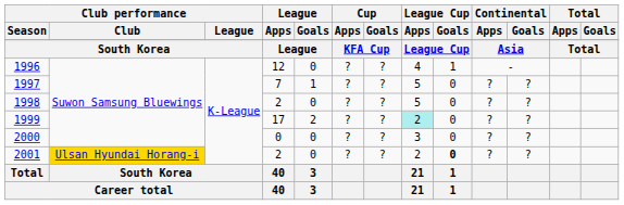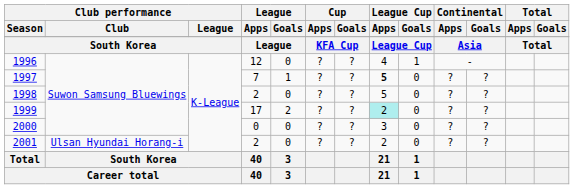 <table class="wikitable" style="text-align:center">
 <tr>
 <th colspan=3>Club performance</th>
 <th colspan=2>League</th>
 <th colspan=2>Cup</th>
 <th colspan=2>League Cup</th>
 <th colspan=2>Continental</th>
 <th colspan=2>Total</th>
 </tr>
 <tr>
 <th>Season</th>
 <th>Club</th>
 <th>League</th>
 <th>Apps</th>
 <th>Goals</th>
 <th>Apps</th>
 <th>Goals</th>
 <th>Apps</th>
 <th>Goals</th>
 <th>Apps</th>
 <th>Goals</th>
 <th>Apps</th>
 <th>Goals</th>
 </tr>
 <tr>
 </tr>
 <tr>
 <th colspan=3>South Korea</th>
 <th colspan=2>League</th>
 <th colspan=2><a href='#'>KFA Cup</a></th>
 <th colspan=2><a href='#'>League Cup</a></th>
 <th colspan=2><a href='#'>Asia</a></th>
 <th colspan=2>Total</th>
 </tr>
 <tr>
 <td><a href='#'>1996</a></td>
 <td rowspan=5><a href='#'>Suwon Samsung Bluewings</a></td>
 <td rowspan=6><a href='#'>K-League</a></td>
 <td>12</td>
 <td>0</td>
 <td>?</td>
 <td>?</td>
 <td>4</td>
 <td>1</td>
 <td colspan=2>-</td>
 <td></td>
 <td></td>
 </tr>
 <tr>
 <td><a href='#'>1997</a></td>
 <td>7</td>
 <td>1</td>
 <td>?</td>
 <td>?</td>
-<td>5</td>
+<td><strong>5</strong></td>
 <td>0</td>
 <td>?</td>
 <td>?</td>
 <td></td>
 <td></td>
 </tr>
 <tr>
 <td><a href='#'>1998</a></td>
 <td>2</td>
 <td>0</td>
 <td>?</td>
 <td>?</td>
 <td>5</td>
 <td>0</td>
 <td>?</td>
 <td>?</td>
 <td></td>
 <td></td>
 </tr>
 <tr>
 <td><a href='#'>1999</a></td>
 <td>17</td>
 <td>2</td>
 <td>?</td>
 <td>?</td>
 <td style="background: paleturquoise;">2</td>
 <td>0</td>
 <td>?</td>
 <td>?</td>
 <td></td>
 <td></td>
 </tr>
 <tr>
 <td><a href='#'>2000</a></td>
 <td>0</td>
 <td>0</td>
 <td>?</td>
 <td>?</td>
 <td>3</td>
 <td>0</td>
 <td>?</td>
 <td>?</td>
 <td></td>
 <td></td>
 </tr>
 <tr>
 <td><a href='#'>2001</a></td>
-<td style="background: gold;"><a href='#'>Ulsan Hyundai Horang-i</a></td>
+<td><a href='#'>Ulsan Hyundai Horang-i</a></td>
 <td>2</td>
 <td>0</td>
 <td>?</td>
 <td>?</td>
 <td>2</td>
-<td><strong>0</strong></td>
+<td>0</td>
 <td>?</td>
 <td>?</td>
 <td></td>
 <td></td>
 </tr>
 <tr>
 <th rowspan=1>Total</th>
 <th colspan=2>South Korea</th>
 <th>40</th>
 <th>3</th>
 <th></th>
 <th></th>
 <th>21</th>
 <th>1</th>
 <th></th>
 <th></th>
 <th></th>
 <th></th>
 </tr>
 <tr>
 <th colspan=3>Career total</th>
 <th>40</th>
 <th>3</th>
 <th></th>
 <th></th>
 <th>21</th>
 <th>1</th>
 <th></th>
 <th></th>
 <th></th>
 <th></th>
 </tr>
 </table>
